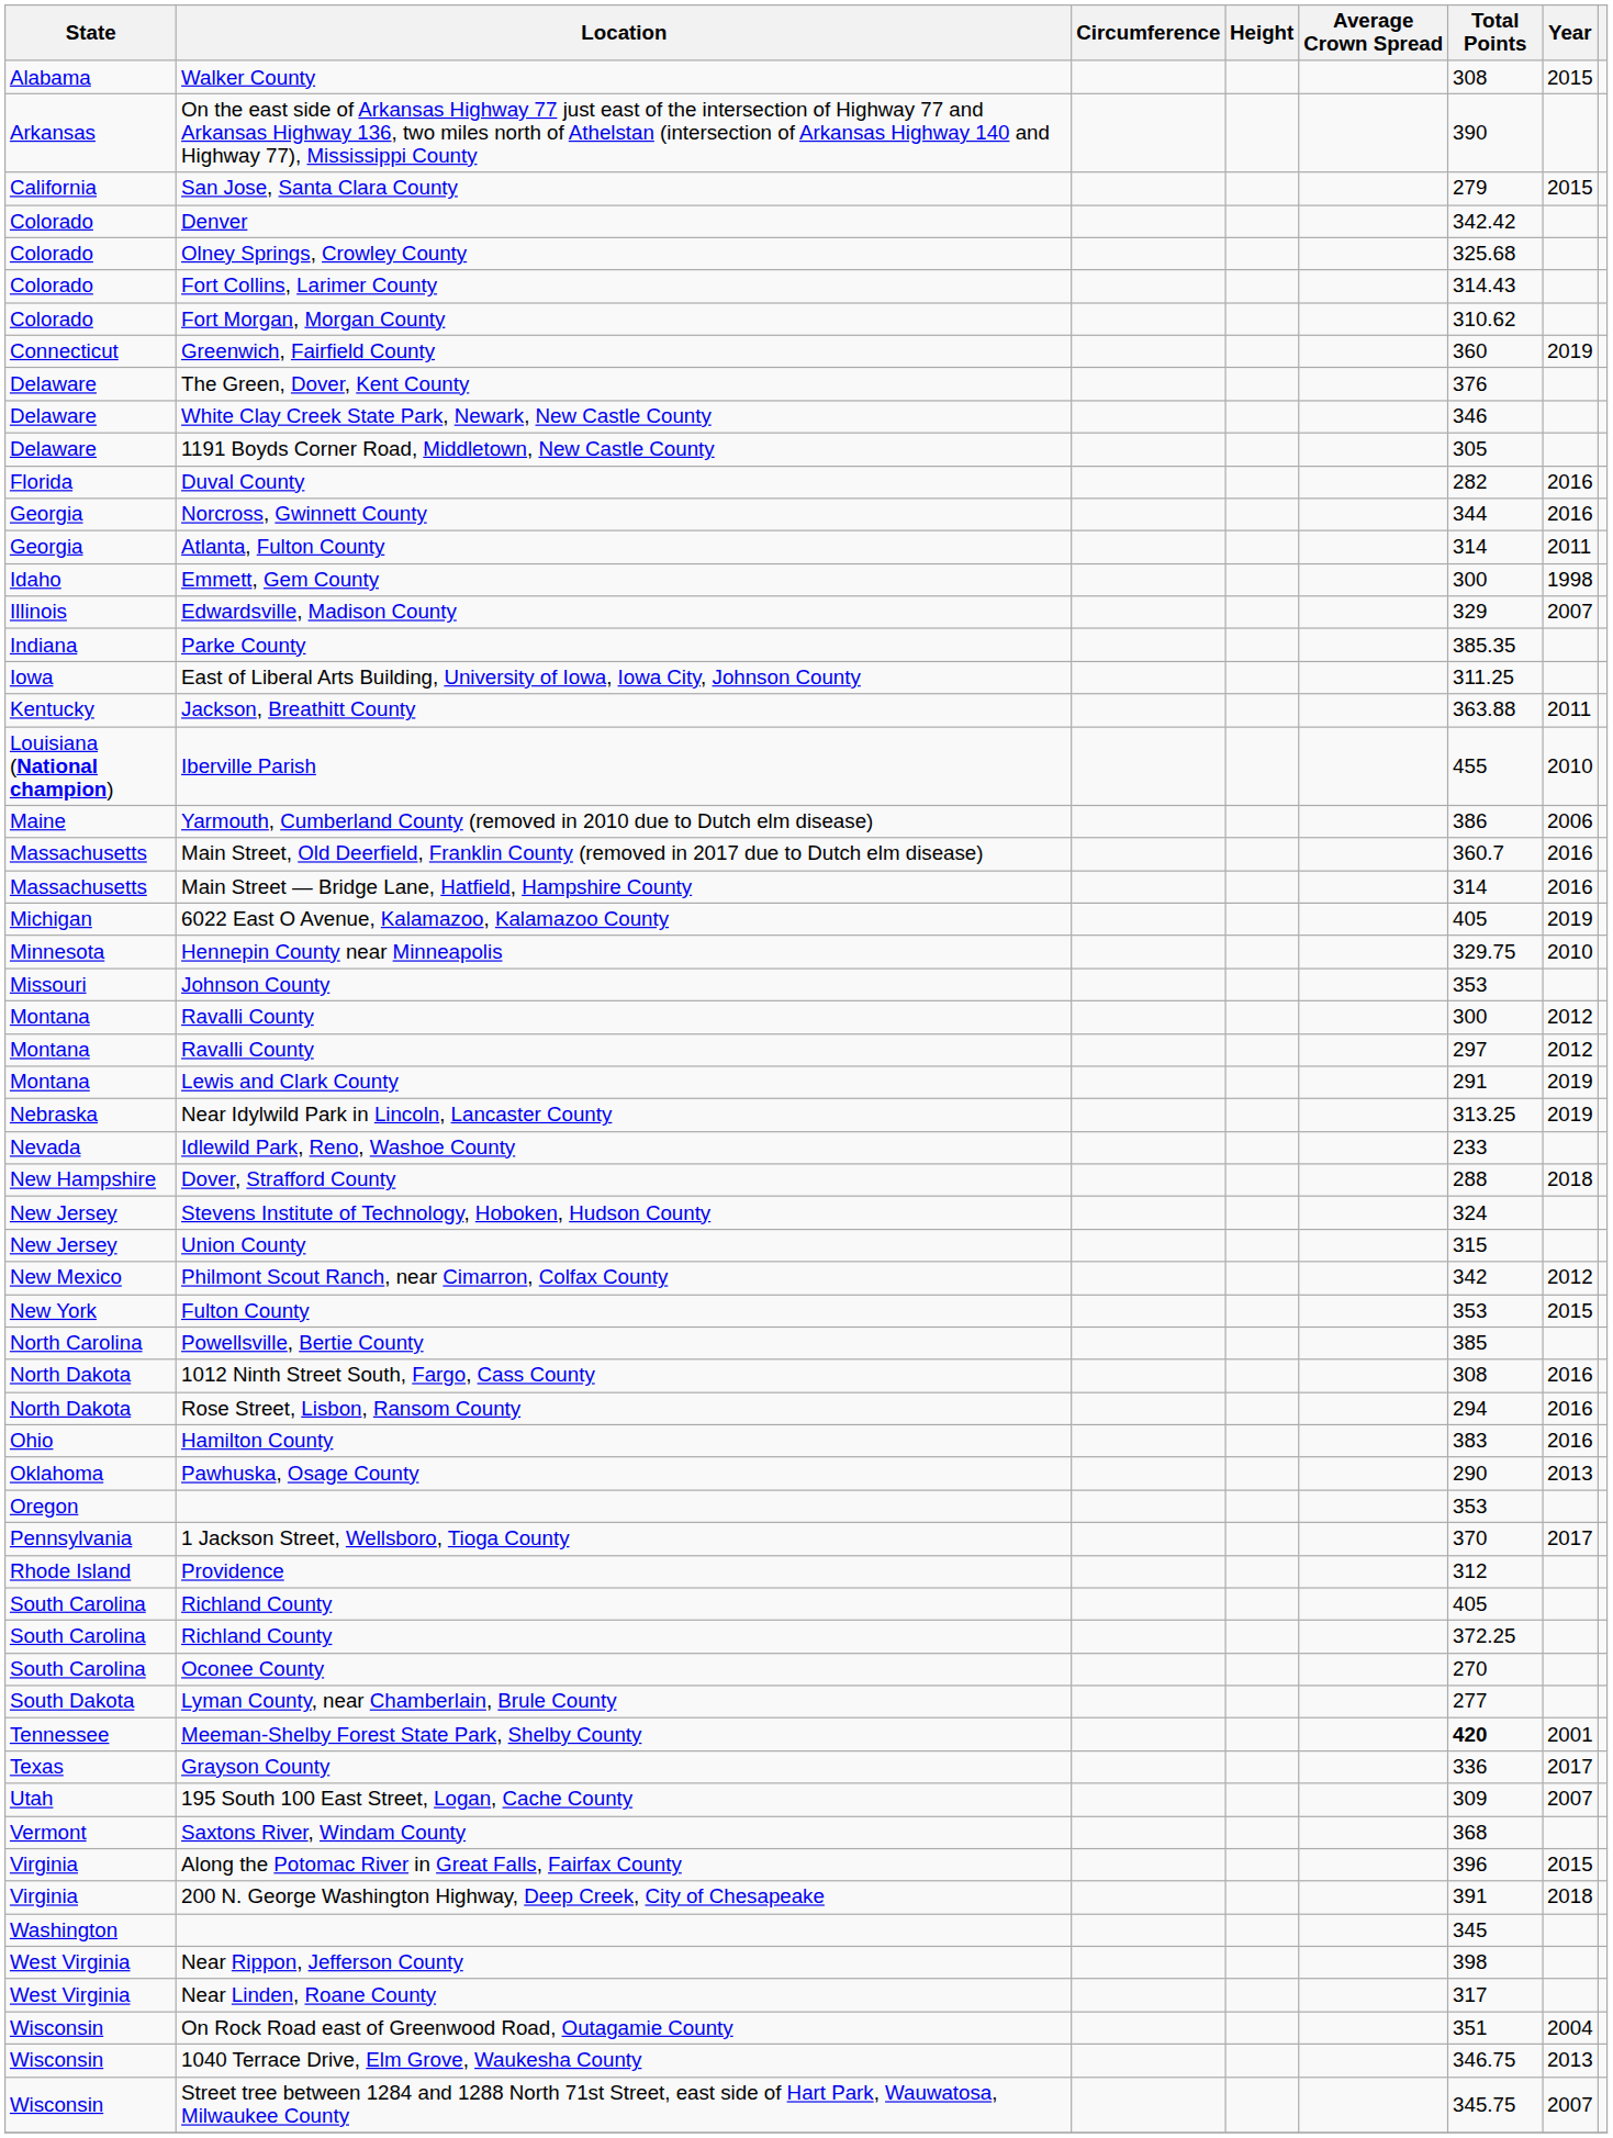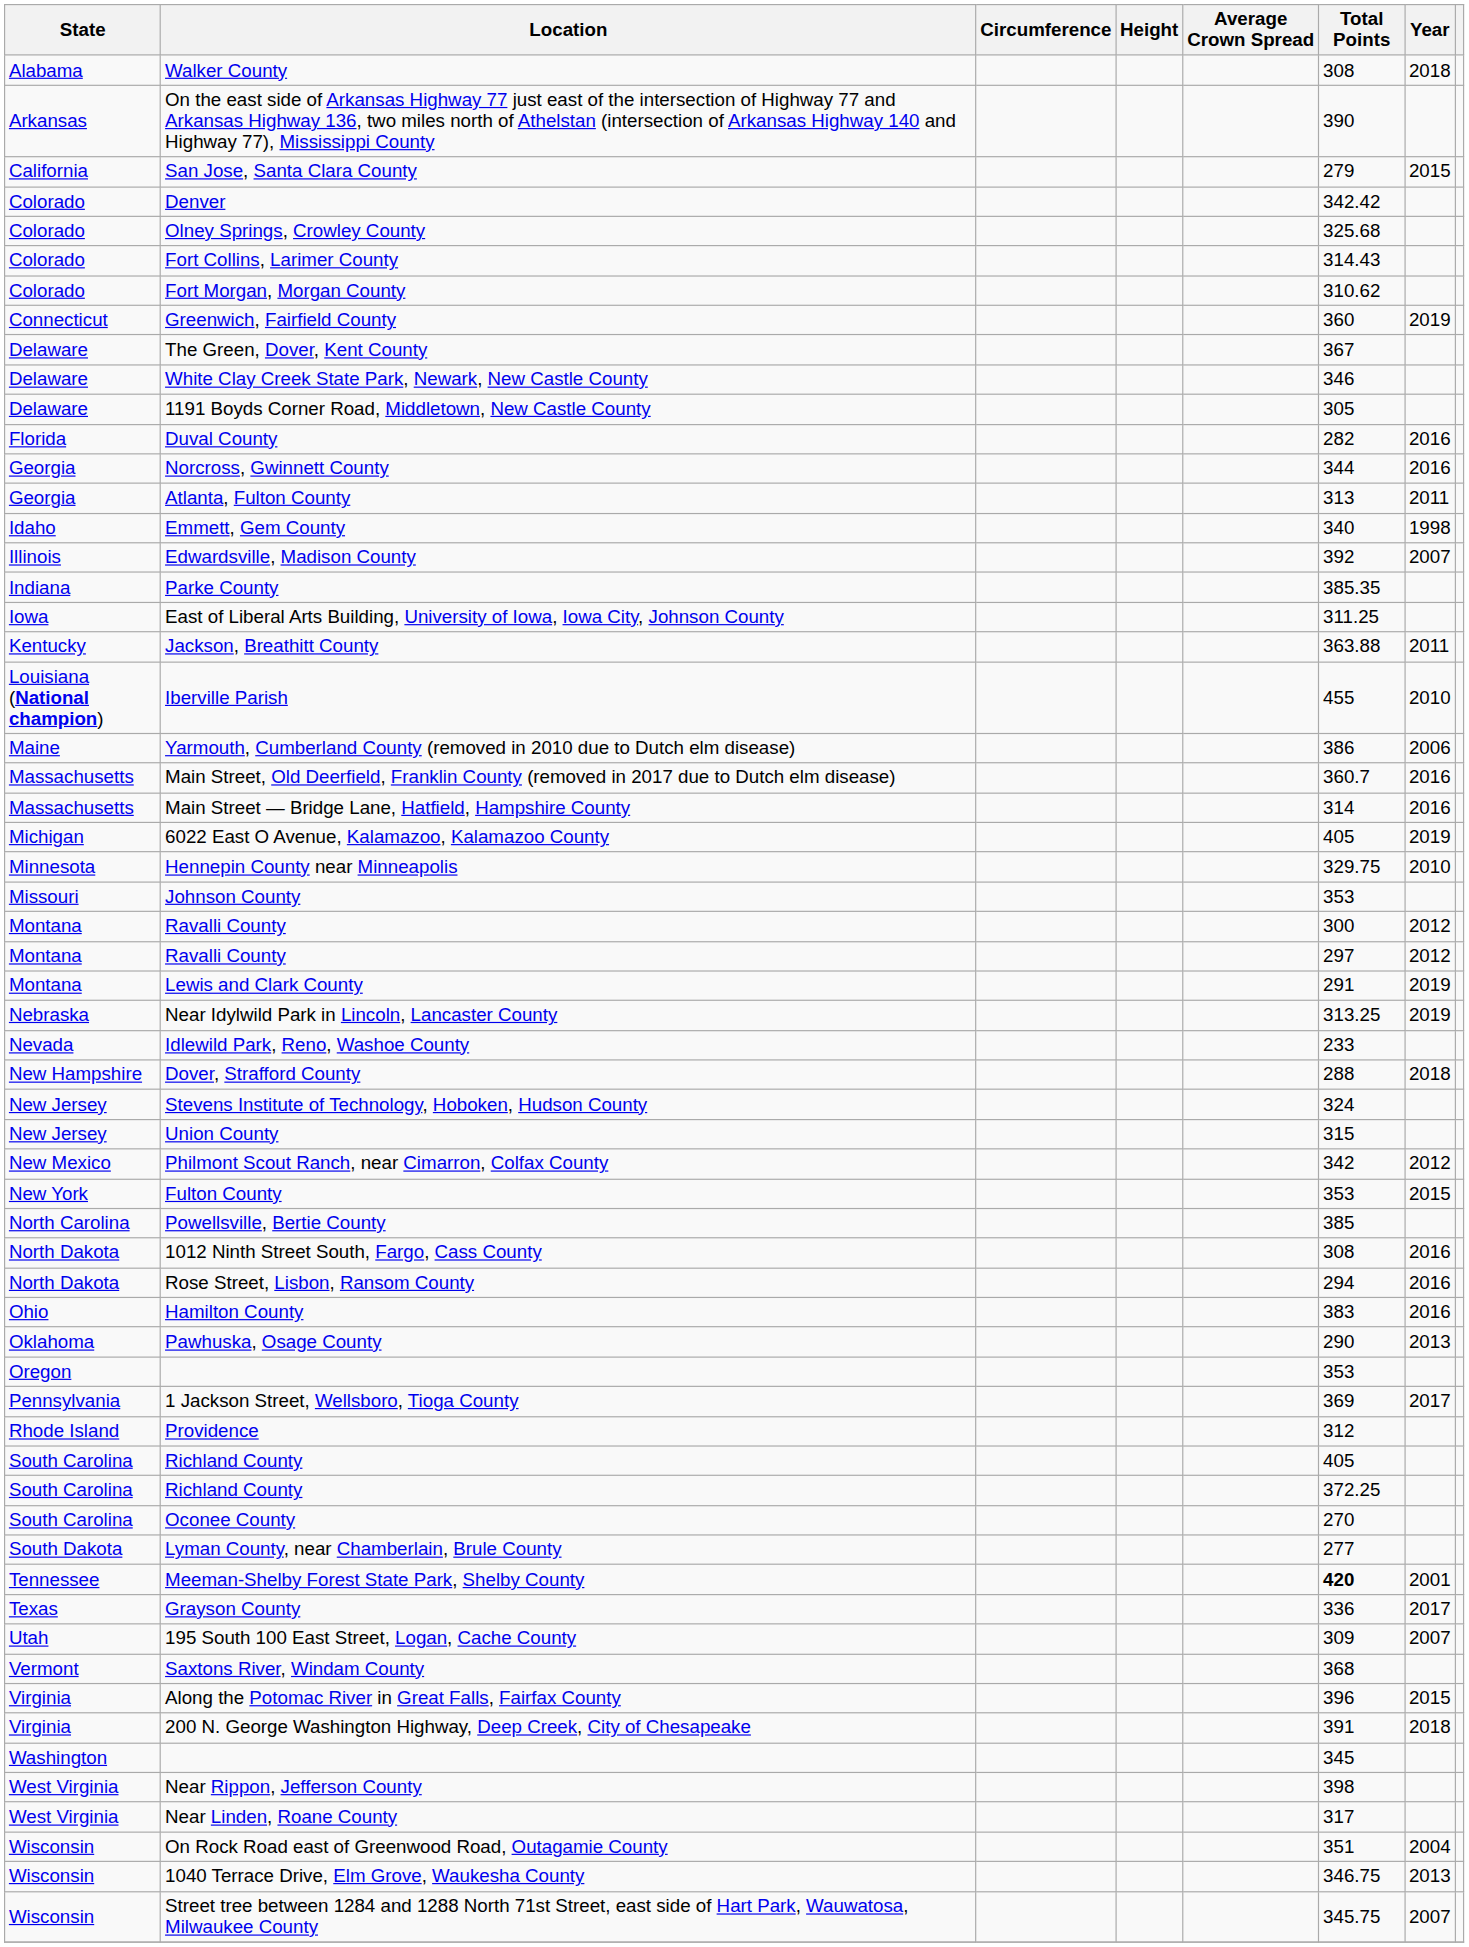 <table class="wikitable sortable">
 <tr>
 <th>State</th>
 <th>Location</th>
 <th>Circumference</th>
 <th>Height</th>
 <th>Average Crown Spread</th>
 <th>Total Points</th>
 <th>Year</th>
 <th class="unsortable"></th>
 </tr>
 <tr>
 <td><a href='#'>Alabama</a></td>
 <td><a href='#'>Walker County</a></td>
 <td></td>
 <td></td>
 <td></td>
 <td>308</td>
-<td>2015</td>
+<td>2018</td>
 <td></td>
 </tr>
 <tr>
 <td><a href='#'>Arkansas</a></td>
 <td>On the east side of <a href='#'>Arkansas Highway 77</a> just east of the intersection of Highway 77 and <a href='#'>Arkansas Highway 136</a>,   two miles north of <a href='#'>Athelstan</a> (intersection of <a href='#'>Arkansas Highway 140</a> and Highway 77), <a href='#'>Mississippi County</a></td>
 <td></td>
 <td></td>
 <td></td>
 <td>390</td>
 <td></td>
 <td></td>
 </tr>
 <tr>
 <td><a href='#'>California</a></td>
 <td><a href='#'>San Jose</a>, <a href='#'>Santa Clara County</a></td>
 <td></td>
 <td></td>
 <td></td>
 <td>279</td>
 <td>2015</td>
 <td></td>
 </tr>
 <tr>
 <td><a href='#'>Colorado</a></td>
 <td><a href='#'>Denver</a></td>
 <td></td>
 <td></td>
 <td></td>
 <td>342.42</td>
 <td></td>
 <td></td>
 </tr>
 <tr>
 <td><a href='#'>Colorado</a></td>
 <td><a href='#'>Olney Springs</a>, <a href='#'>Crowley County</a></td>
 <td></td>
 <td></td>
 <td></td>
 <td>325.68</td>
 <td></td>
 <td></td>
 </tr>
 <tr>
 <td><a href='#'>Colorado</a></td>
 <td><a href='#'>Fort Collins</a>, <a href='#'>Larimer County</a></td>
 <td></td>
 <td></td>
 <td></td>
 <td>314.43</td>
 <td></td>
 <td></td>
 </tr>
 <tr>
 <td><a href='#'>Colorado</a></td>
 <td><a href='#'>Fort Morgan</a>, <a href='#'>Morgan County</a></td>
 <td></td>
 <td></td>
 <td></td>
 <td>310.62</td>
 <td></td>
 <td></td>
 </tr>
 <tr>
 <td><a href='#'>Connecticut</a></td>
 <td><a href='#'>Greenwich</a>, <a href='#'>Fairfield County</a></td>
 <td></td>
 <td></td>
 <td></td>
 <td>360</td>
 <td>2019</td>
 <td></td>
 </tr>
 <tr>
 <td><a href='#'>Delaware</a></td>
 <td>The Green, <a href='#'>Dover</a>, <a href='#'>Kent County</a></td>
 <td></td>
 <td></td>
 <td></td>
-<td>376</td>
+<td>367</td>
 <td></td>
 <td></td>
 </tr>
 <tr>
 <td><a href='#'>Delaware</a></td>
 <td><a href='#'>White Clay Creek State Park</a>, <a href='#'>Newark</a>, <a href='#'>New Castle County</a></td>
 <td></td>
 <td></td>
 <td></td>
 <td>346</td>
 <td></td>
 <td></td>
 </tr>
 <tr>
 <td><a href='#'>Delaware</a></td>
 <td>1191 Boyds Corner Road, <a href='#'>Middletown</a>, <a href='#'>New Castle County</a></td>
 <td></td>
 <td></td>
 <td></td>
 <td>305</td>
 <td></td>
 <td></td>
 </tr>
 <tr>
 <td><a href='#'>Florida</a></td>
 <td><a href='#'>Duval County</a></td>
 <td></td>
 <td></td>
 <td></td>
 <td>282</td>
 <td>2016</td>
 <td></td>
 </tr>
 <tr>
 <td><a href='#'>Georgia</a></td>
 <td><a href='#'>Norcross</a>, <a href='#'>Gwinnett County</a></td>
 <td></td>
 <td></td>
 <td></td>
 <td>344</td>
 <td>2016</td>
 <td></td>
 </tr>
 <tr>
 <td><a href='#'>Georgia</a></td>
 <td><a href='#'>Atlanta</a>, <a href='#'>Fulton County</a></td>
 <td></td>
 <td></td>
 <td></td>
-<td>314</td>
+<td>313</td>
 <td>2011</td>
 <td></td>
 </tr>
 <tr>
 <td><a href='#'>Idaho</a></td>
 <td><a href='#'>Emmett</a>, <a href='#'>Gem County</a></td>
 <td></td>
 <td></td>
 <td></td>
-<td>300</td>
+<td>340</td>
 <td>1998</td>
 <td></td>
 </tr>
 <tr>
 <td><a href='#'>Illinois</a></td>
 <td><a href='#'>Edwardsville</a>, <a href='#'>Madison County</a></td>
 <td></td>
 <td></td>
 <td></td>
-<td>329</td>
+<td>392</td>
 <td>2007</td>
 <td></td>
 </tr>
 <tr>
 <td><a href='#'>Indiana</a></td>
 <td><a href='#'>Parke County</a></td>
 <td></td>
 <td></td>
 <td></td>
 <td>385.35</td>
 <td></td>
 <td></td>
 </tr>
 <tr>
 <td><a href='#'>Iowa</a></td>
 <td>East of Liberal Arts Building, <a href='#'>University of Iowa</a>, <a href='#'>Iowa City</a>, <a href='#'>Johnson County</a></td>
 <td></td>
 <td></td>
 <td></td>
 <td>311.25</td>
 <td></td>
 <td></td>
 </tr>
 <tr>
 <td><a href='#'>Kentucky</a></td>
 <td><a href='#'>Jackson</a>, <a href='#'>Breathitt County</a></td>
 <td></td>
 <td></td>
 <td></td>
 <td>363.88</td>
 <td>2011</td>
 <td></td>
 </tr>
 <tr>
 <td><a href='#'>Louisiana</a><br>(<strong><a href='#'>National champion</a></strong>)</td>
 <td><a href='#'>Iberville Parish</a></td>
 <td></td>
 <td></td>
 <td></td>
 <td>455</td>
 <td>2010</td>
 <td></td>
 </tr>
 <tr>
 <td><a href='#'>Maine</a></td>
 <td><a href='#'>Yarmouth</a>, <a href='#'>Cumberland County</a> (removed in 2010 due to Dutch elm disease)</td>
 <td></td>
 <td></td>
 <td></td>
 <td>386</td>
 <td>2006</td>
 <td></td>
 </tr>
 <tr>
 <td><a href='#'>Massachusetts</a></td>
 <td>Main Street, <a href='#'>Old Deerfield</a>, <a href='#'>Franklin County</a> (removed in 2017 due to Dutch elm disease)</td>
 <td></td>
 <td></td>
 <td></td>
 <td>360.7</td>
 <td>2016</td>
 <td></td>
 </tr>
 <tr>
 <td><a href='#'>Massachusetts</a></td>
 <td>Main Street — Bridge Lane, <a href='#'>Hatfield</a>, <a href='#'>Hampshire County</a></td>
 <td></td>
 <td></td>
 <td></td>
 <td>314</td>
 <td>2016</td>
 <td></td>
 </tr>
 <tr>
 <td><a href='#'>Michigan</a></td>
 <td>6022 East O Avenue, <a href='#'>Kalamazoo</a>, <a href='#'>Kalamazoo County</a></td>
 <td></td>
 <td></td>
 <td></td>
 <td>405</td>
 <td>2019</td>
 <td></td>
 </tr>
 <tr>
 <td><a href='#'>Minnesota</a></td>
 <td><a href='#'>Hennepin County</a> near <a href='#'>Minneapolis</a></td>
 <td></td>
 <td></td>
 <td></td>
 <td>329.75</td>
 <td>2010</td>
 <td></td>
 </tr>
 <tr>
 <td><a href='#'>Missouri</a></td>
 <td><a href='#'>Johnson County</a></td>
 <td></td>
 <td></td>
 <td></td>
 <td>353</td>
 <td></td>
 <td></td>
 </tr>
 <tr>
 <td><a href='#'>Montana</a></td>
 <td><a href='#'>Ravalli County</a></td>
 <td></td>
 <td></td>
 <td></td>
 <td>300</td>
 <td>2012</td>
 <td></td>
 </tr>
 <tr>
 <td><a href='#'>Montana</a></td>
 <td><a href='#'>Ravalli County</a></td>
 <td></td>
 <td></td>
 <td></td>
 <td>297</td>
 <td>2012</td>
 <td></td>
 </tr>
 <tr>
 <td><a href='#'>Montana</a></td>
 <td><a href='#'>Lewis and Clark County</a></td>
 <td></td>
 <td></td>
 <td></td>
 <td>291</td>
 <td>2019</td>
 <td></td>
 </tr>
 <tr>
 <td><a href='#'>Nebraska</a></td>
 <td>Near Idylwild Park in <a href='#'>Lincoln</a>, <a href='#'>Lancaster County</a></td>
 <td></td>
 <td></td>
 <td></td>
 <td>313.25</td>
 <td>2019</td>
 <td></td>
 </tr>
 <tr>
 <td><a href='#'>Nevada</a></td>
 <td><a href='#'>Idlewild Park</a>, <a href='#'>Reno</a>, <a href='#'>Washoe County</a></td>
 <td></td>
 <td></td>
 <td></td>
 <td>233</td>
 <td></td>
 <td></td>
 </tr>
 <tr>
 <td><a href='#'>New Hampshire</a></td>
 <td><a href='#'>Dover</a>, <a href='#'>Strafford County</a></td>
 <td></td>
 <td></td>
 <td></td>
 <td>288</td>
 <td>2018</td>
 <td></td>
 </tr>
 <tr>
 <td><a href='#'>New Jersey</a></td>
 <td><a href='#'>Stevens Institute of Technology</a>, <a href='#'>Hoboken</a>, <a href='#'>Hudson County</a></td>
 <td></td>
 <td></td>
 <td></td>
 <td>324</td>
 <td></td>
 <td></td>
 </tr>
 <tr>
 <td><a href='#'>New Jersey</a></td>
 <td><a href='#'>Union County</a></td>
 <td></td>
 <td></td>
 <td></td>
 <td>315</td>
 <td></td>
 <td></td>
 </tr>
 <tr>
 <td><a href='#'>New Mexico</a></td>
 <td><a href='#'>Philmont Scout Ranch</a>, near <a href='#'>Cimarron</a>, <a href='#'>Colfax County</a></td>
 <td></td>
 <td></td>
 <td></td>
 <td>342</td>
 <td>2012</td>
 <td></td>
 </tr>
 <tr>
 <td><a href='#'>New York</a></td>
 <td><a href='#'>Fulton County</a></td>
 <td></td>
 <td></td>
 <td></td>
 <td>353</td>
 <td>2015</td>
 <td></td>
 </tr>
 <tr>
 <td><a href='#'>North Carolina</a></td>
 <td><a href='#'>Powellsville</a>, <a href='#'>Bertie County</a></td>
 <td></td>
 <td></td>
 <td></td>
 <td>385</td>
 <td></td>
 <td></td>
 </tr>
 <tr>
 <td><a href='#'>North Dakota</a></td>
 <td>1012 Ninth Street South, <a href='#'>Fargo</a>, <a href='#'>Cass County</a></td>
 <td></td>
 <td></td>
 <td></td>
 <td>308</td>
 <td>2016</td>
 <td></td>
 </tr>
 <tr>
 <td><a href='#'>North Dakota</a></td>
 <td>Rose Street, <a href='#'>Lisbon</a>, <a href='#'>Ransom County</a></td>
 <td></td>
 <td></td>
 <td></td>
 <td>294</td>
 <td>2016</td>
 <td></td>
 </tr>
 <tr>
 <td><a href='#'>Ohio</a></td>
 <td><a href='#'>Hamilton County</a></td>
 <td></td>
 <td></td>
 <td></td>
 <td>383</td>
 <td>2016</td>
 <td></td>
 </tr>
 <tr>
 <td><a href='#'>Oklahoma</a></td>
 <td><a href='#'>Pawhuska</a>, <a href='#'>Osage County</a></td>
 <td></td>
 <td></td>
 <td></td>
 <td>290</td>
 <td>2013</td>
 <td></td>
 </tr>
 <tr>
 <td><a href='#'>Oregon</a></td>
 <td></td>
 <td></td>
 <td></td>
 <td></td>
 <td>353</td>
 <td></td>
 <td></td>
 </tr>
 <tr>
 <td><a href='#'>Pennsylvania</a></td>
 <td>1 Jackson Street, <a href='#'>Wellsboro</a>, <a href='#'>Tioga County</a></td>
 <td></td>
 <td></td>
 <td></td>
-<td>370</td>
+<td>369</td>
 <td>2017</td>
 <td></td>
 </tr>
 <tr>
 <td><a href='#'>Rhode Island</a></td>
 <td><a href='#'>Providence</a></td>
 <td></td>
 <td></td>
 <td></td>
 <td>312</td>
 <td></td>
 <td></td>
 </tr>
 <tr>
 <td><a href='#'>South Carolina</a></td>
 <td><a href='#'>Richland County</a></td>
 <td></td>
 <td></td>
 <td></td>
 <td>405</td>
 <td></td>
 <td></td>
 </tr>
 <tr>
 <td><a href='#'>South Carolina</a></td>
 <td><a href='#'>Richland County</a></td>
 <td></td>
 <td></td>
 <td></td>
 <td>372.25</td>
 <td></td>
 <td></td>
 </tr>
 <tr>
 <td><a href='#'>South Carolina</a></td>
 <td><a href='#'>Oconee County</a></td>
 <td></td>
 <td></td>
 <td></td>
 <td>270</td>
 <td></td>
 <td></td>
 </tr>
 <tr>
 <td><a href='#'>South Dakota</a></td>
 <td><a href='#'>Lyman County</a>, near <a href='#'>Chamberlain</a>, <a href='#'>Brule County</a></td>
 <td></td>
 <td></td>
 <td></td>
 <td>277</td>
 <td></td>
 <td></td>
 </tr>
 <tr>
 <td><a href='#'>Tennessee</a></td>
 <td><a href='#'>Meeman-Shelby Forest State Park</a>, <a href='#'>Shelby County</a></td>
 <td></td>
 <td></td>
 <td></td>
 <td><strong>420</strong></td>
 <td>2001</td>
 <td></td>
 </tr>
 <tr>
 <td><a href='#'>Texas</a></td>
 <td><a href='#'>Grayson County</a></td>
 <td></td>
 <td></td>
 <td></td>
 <td>336</td>
 <td>2017</td>
 <td></td>
 </tr>
 <tr>
 <td><a href='#'>Utah</a></td>
 <td>195 South 100 East Street, <a href='#'>Logan</a>, <a href='#'>Cache County</a></td>
 <td></td>
 <td></td>
 <td></td>
 <td>309</td>
 <td>2007</td>
 <td></td>
 </tr>
 <tr>
 <td><a href='#'>Vermont</a></td>
 <td><a href='#'>Saxtons River</a>, <a href='#'>Windam County</a></td>
 <td></td>
 <td></td>
 <td></td>
 <td>368</td>
 <td></td>
 <td></td>
 </tr>
 <tr>
 <td><a href='#'>Virginia</a></td>
 <td>Along the <a href='#'>Potomac River</a> in <a href='#'>Great Falls</a>, <a href='#'>Fairfax County</a></td>
 <td></td>
 <td></td>
 <td></td>
 <td>396</td>
 <td>2015</td>
 <td></td>
 </tr>
 <tr>
 <td><a href='#'>Virginia</a></td>
 <td>200 N. George Washington Highway, <a href='#'>Deep Creek</a>, <a href='#'>City of Chesapeake</a></td>
 <td></td>
 <td></td>
 <td></td>
 <td>391</td>
 <td>2018</td>
 <td></td>
 </tr>
 <tr>
 <td><a href='#'>Washington</a></td>
 <td></td>
 <td></td>
 <td></td>
 <td></td>
 <td>345</td>
 <td></td>
 <td></td>
 </tr>
 <tr>
 <td><a href='#'>West Virginia</a></td>
 <td>Near <a href='#'>Rippon</a>, <a href='#'>Jefferson County</a></td>
 <td></td>
 <td></td>
 <td></td>
 <td>398</td>
 <td></td>
 <td></td>
 </tr>
 <tr>
 <td><a href='#'>West Virginia</a></td>
 <td>Near <a href='#'>Linden</a>, <a href='#'>Roane County</a></td>
 <td></td>
 <td></td>
 <td></td>
 <td>317</td>
 <td></td>
 <td></td>
 </tr>
 <tr>
 <td><a href='#'>Wisconsin</a></td>
 <td>On Rock Road east of Greenwood Road, <a href='#'>Outagamie County</a></td>
 <td></td>
 <td></td>
 <td></td>
 <td>351</td>
 <td>2004</td>
 <td></td>
 </tr>
 <tr>
 <td><a href='#'>Wisconsin</a></td>
 <td>1040 Terrace Drive, <a href='#'>Elm Grove</a>, <a href='#'>Waukesha County</a></td>
 <td></td>
 <td></td>
 <td></td>
 <td>346.75</td>
 <td>2013</td>
 <td></td>
 </tr>
 <tr>
 <td><a href='#'>Wisconsin</a></td>
 <td>Street tree between 1284 and 1288 North 71st Street, east side of <a href='#'>Hart Park</a>, <a href='#'>Wauwatosa</a>, <a href='#'>Milwaukee County</a></td>
 <td></td>
 <td></td>
 <td></td>
 <td>345.75</td>
 <td>2007</td>
 <td></td>
 </tr>
 <tr>
 </tr>
 </table>
